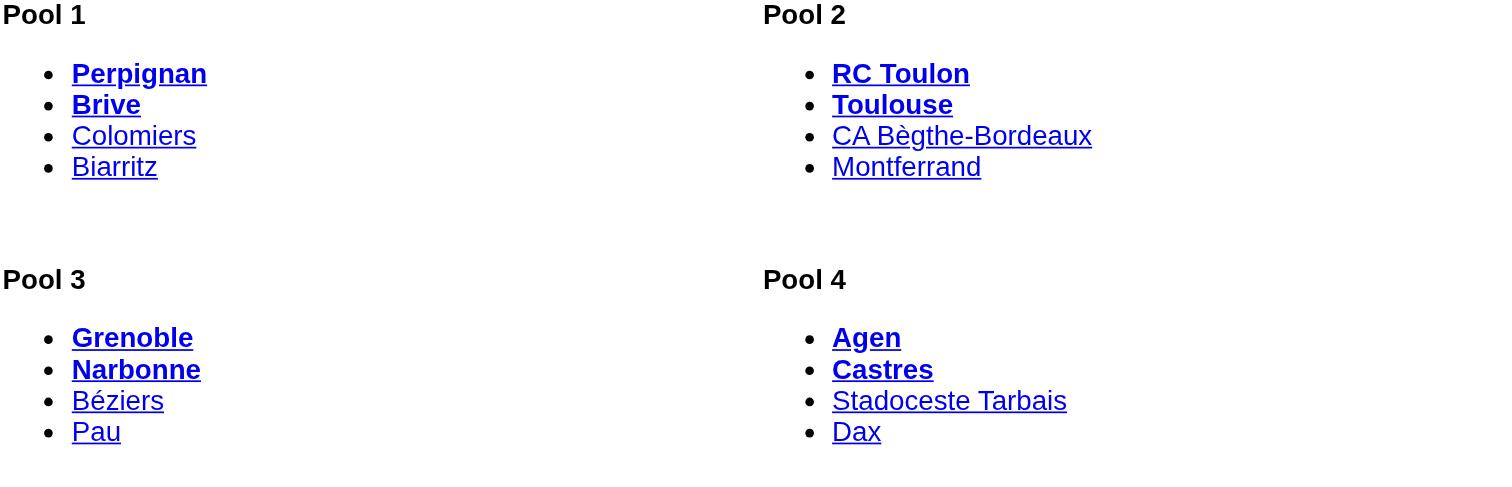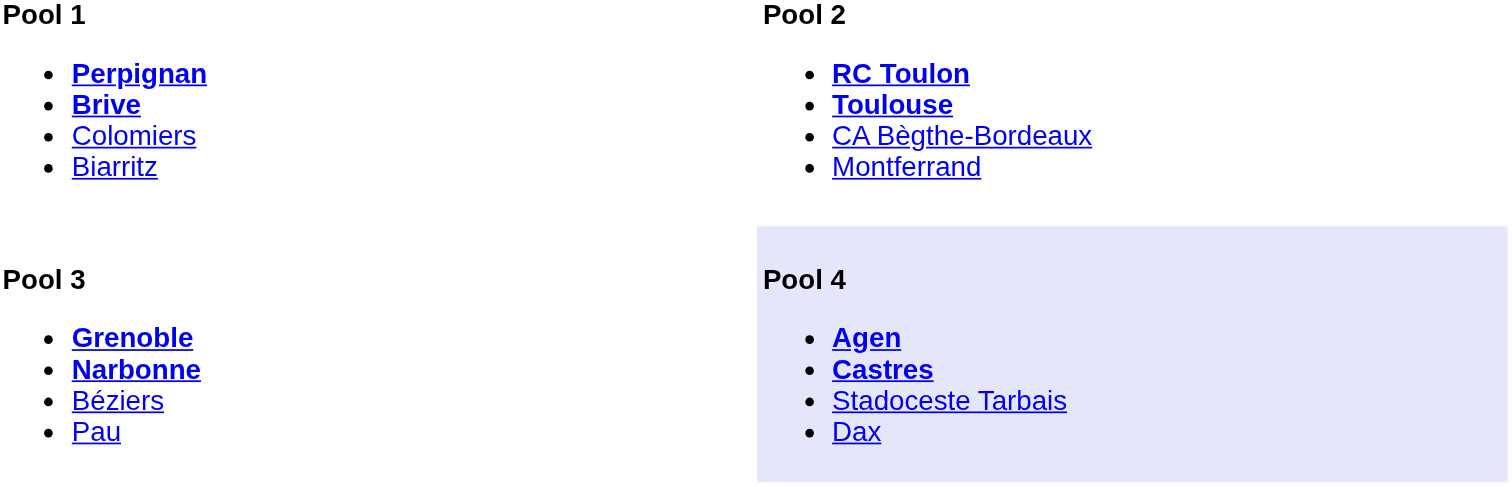 <table width="100%" align="center" border="0" cellpadding="4" cellspacing="5">
 <tr valign="top" align="left">
 <td width="50%"><br><strong>Pool 1</strong><ul><li><strong><a href='#'>Perpignan</a></strong></li><li><strong><a href='#'>Brive</a></strong></li><li><a href='#'>Colomiers</a></li><li><a href='#'>Biarritz</a></li></ul></td>
 <td width="50%"><br><strong>Pool 2</strong><ul><li><strong><a href='#'>RC Toulon</a></strong></li><li><strong><a href='#'>Toulouse</a></strong></li><li><a href='#'>CA Bègthe-Bordeaux</a></li><li><a href='#'>Montferrand</a></li></ul></td>
 </tr>
 <tr valign="top" align="left">
 <td width="50%"><br><strong>Pool 3</strong><ul><li><strong><a href='#'>Grenoble</a></strong></li><li><strong><a href='#'>Narbonne</a></strong></li><li><a href='#'>Béziers</a></li><li><a href='#'>Pau</a></li></ul></td>
-<td width="50%"><br><strong>Pool 4</strong><ul><li><strong><a href='#'>Agen</a></strong></li><li><strong><a href='#'>Castres</a> </strong></li><li><a href='#'>Stadoceste Tarbais</a></li><li><a href='#'>Dax</a></li></ul></td>
+<td width="50%" style="background: lavender;"><br><strong>Pool 4</strong><ul><li><strong><a href='#'>Agen</a></strong></li><li><strong><a href='#'>Castres</a> </strong></li><li><a href='#'>Stadoceste Tarbais</a></li><li><a href='#'>Dax</a></li></ul></td>
 </tr>
 </table>
